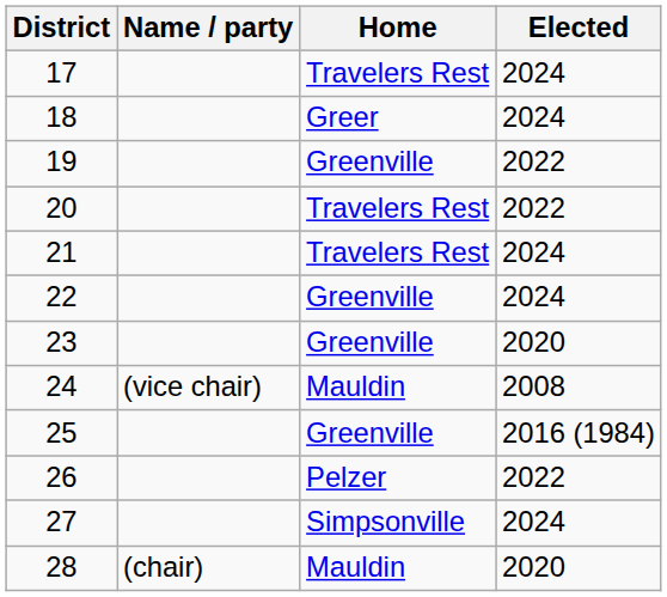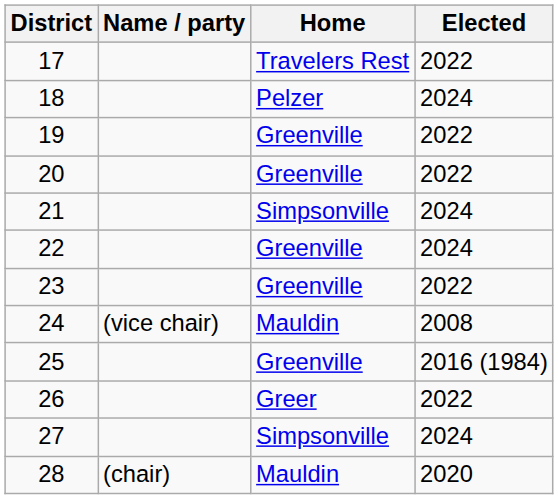 <table class="wikitable sortable"  style="display: inline-table; margin: 2em;">
 <tr>
 <th>District</th>
 <th>Name / party</th>
 <th>Home</th>
 <th>Elected</th>
 </tr>
 <tr>
 <td style="text-align: center;">17</td>
 <td></td>
 <td><a href='#'>Travelers Rest</a></td>
-<td>2024</td>
+<td>2022</td>
 </tr>
 <tr>
 <td style="text-align: center;">18</td>
 <td></td>
-<td><a href='#'>Greer</a></td>
+<td><a href='#'>Pelzer</a></td>
 <td>2024</td>
 </tr>
 <tr>
 <td style="text-align: center;">19</td>
 <td></td>
 <td><a href='#'>Greenville</a></td>
 <td>2022</td>
 </tr>
 <tr>
 <td style="text-align: center;">20</td>
 <td></td>
-<td><a href='#'>Travelers Rest</a></td>
+<td><a href='#'>Greenville</a></td>
 <td>2022</td>
 </tr>
 <tr>
 <td style="text-align: center;">21</td>
 <td></td>
-<td><a href='#'>Travelers Rest</a></td>
+<td><a href='#'>Simpsonville</a></td>
 <td>2024</td>
 </tr>
 <tr>
 <td style="text-align: center;">22</td>
 <td></td>
 <td><a href='#'>Greenville</a></td>
 <td>2024</td>
 </tr>
 <tr>
 <td style="text-align: center;">23</td>
 <td></td>
 <td><a href='#'>Greenville</a></td>
-<td>2020</td>
+<td>2022</td>
 </tr>
 <tr>
 <td style="text-align: center;">24</td>
 <td> (vice chair)</td>
 <td><a href='#'>Mauldin</a></td>
 <td>2008</td>
 </tr>
 <tr>
 <td style="text-align: center;">25</td>
 <td></td>
 <td><a href='#'>Greenville</a></td>
 <td>2016 (1984)</td>
 </tr>
 <tr>
 <td style="text-align: center;">26</td>
 <td></td>
-<td><a href='#'>Pelzer</a></td>
+<td><a href='#'>Greer</a></td>
 <td>2022</td>
 </tr>
 <tr>
 <td style="text-align: center;">27</td>
 <td></td>
 <td><a href='#'>Simpsonville</a></td>
 <td>2024</td>
 </tr>
 <tr>
 <td style="text-align: center;">28</td>
 <td> (chair)</td>
 <td><a href='#'>Mauldin</a></td>
 <td>2020</td>
 </tr>
 </table>
